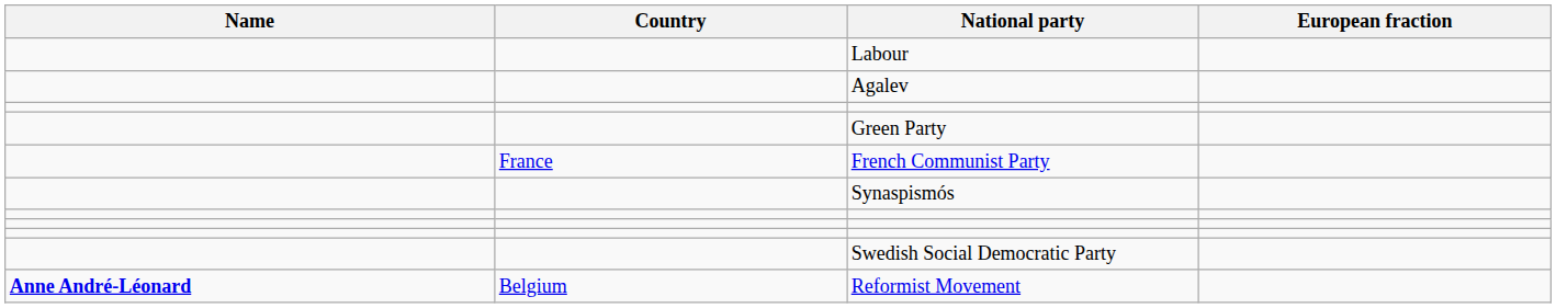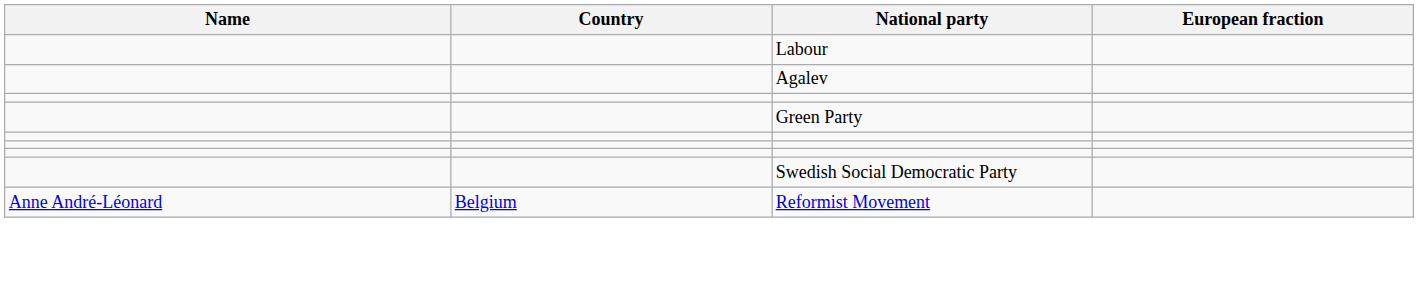 <table class="sortable wikitable" style="text-align:left; font-size:90%;">
 <tr>
 <th width="350">Name</th>
 <th width="250">Country</th>
 <th width="250">National party</th>
 <th width="250">European fraction</th>
 </tr>
 <tr>
 <td align=left></td>
 <td></td>
 <td>Labour</td>
 <td></td>
 </tr>
 <tr>
 <td align=left></td>
 <td></td>
 <td>Agalev</td>
 <td></td>
 </tr>
 <tr>
 <td align=left></td>
 <td></td>
 <td></td>
 <td></td>
 </tr>
 <tr>
 <td align=left></td>
 <td></td>
 <td>Green Party</td>
 <td></td>
 </tr>
 <tr>
 <td align=left></td>
-<td><a href='#'>France</a></td>
-<td><a href='#'>French Communist Party</a></td>
-<td></td>
-</tr>
-<tr>
-<td align=left></td>
-<td></td>
-<td>Synaspismós</td>
-<td></td>
-</tr>
-<tr>
-<td align=left></td>
 <td></td>
 <td></td>
 <td></td>
 </tr>
 <tr>
 <td align=left></td>
 <td></td>
 <td></td>
 <td></td>
 </tr>
 <tr>
 <td align=left></td>
 <td></td>
 <td></td>
 <td></td>
 </tr>
 <tr>
 <td align=left></td>
 <td></td>
 <td>Swedish Social Democratic Party</td>
 <td></td>
 </tr>
 <tr>
-<td><strong><a href='#'>Anne André-Léonard</a></strong></td>
+<td><a href='#'>Anne André-Léonard</a></td>
 <td><a href='#'>Belgium</a></td>
 <td><a href='#'>Reformist Movement</a></td>
 <td></td>
 </tr>
 </table>
